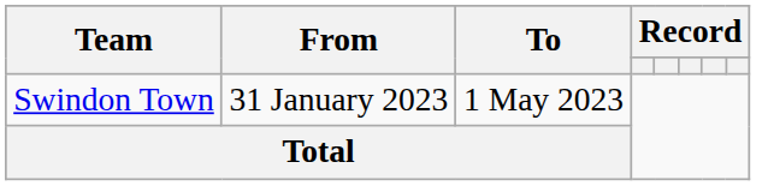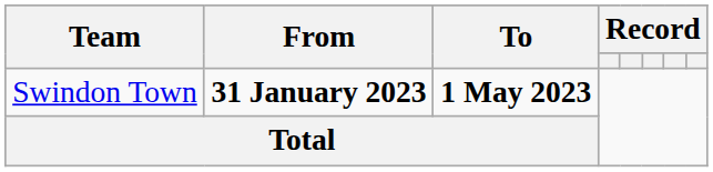 <table class="wikitable" style="text-align:center">
 <tr>
 <th rowspan="2">Team</th>
 <th rowspan="2">From</th>
 <th rowspan="2">To</th>
 <th colspan="5">Record</th>
 </tr>
 <tr>
 <th></th>
 <th></th>
 <th></th>
 <th></th>
 <th></th>
 </tr>
 <tr>
 <td><a href='#'>Swindon Town</a></td>
-<td>31 January 2023</td>
-<td>1 May 2023<br></td>
+<td><strong>31 January 2023</strong></td>
+<td><strong>1 May 2023<br></strong></td>
 </tr>
 <tr>
 <th colspan="3">Total<br></th>
 </tr>
 </table>
